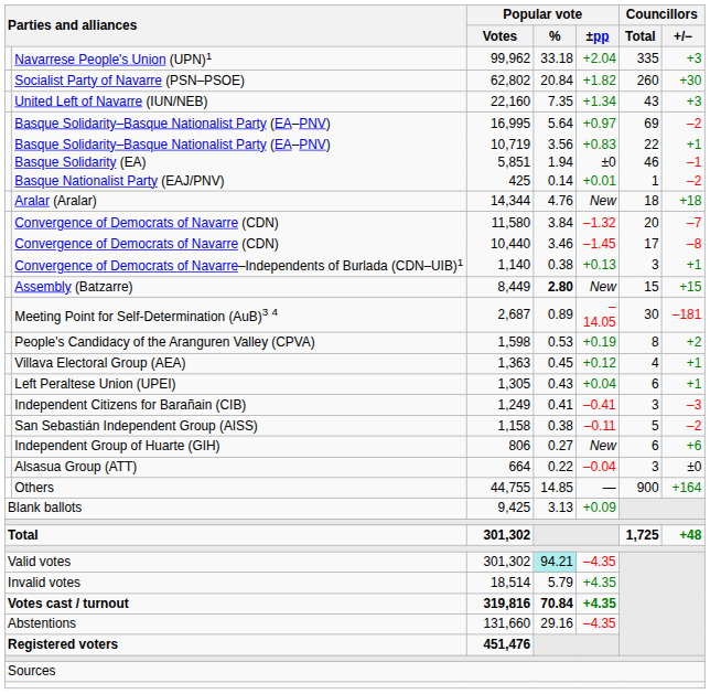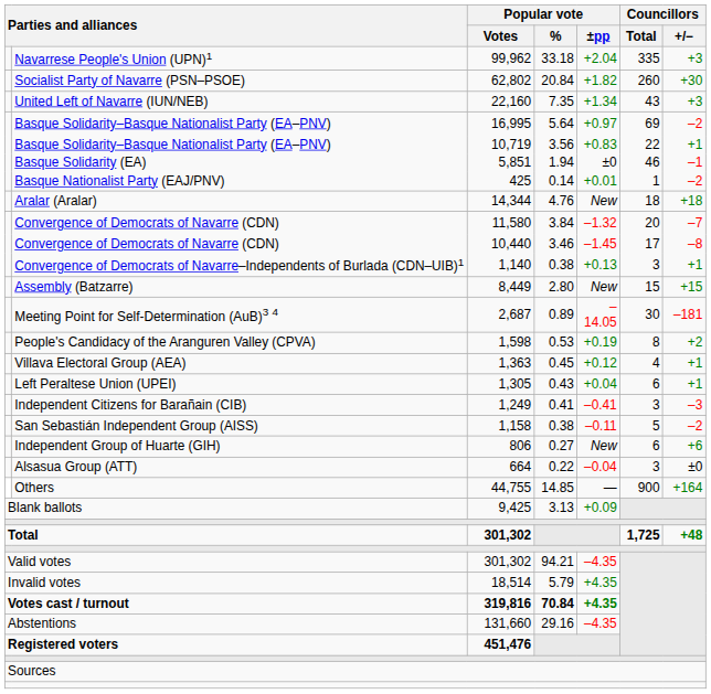 <table class="wikitable" style="text-align:right;">
 <tr>
 <th style="text-align:left;" rowspan="2" colspan="2" width="525">Parties and alliances</th>
 <th colspan="3">Popular vote</th>
 <th colspan="2">Councillors</th>
 </tr>
 <tr>
 <th width="75">Votes</th>
 <th width="45">%</th>
 <th width="45">±<a href='#'>pp</a></th>
 <th width="45">Total</th>
 <th width="45">+/−</th>
 </tr>
 <tr>
 <td width="1" style="color:inherit;background:"></td>
 <td align="left"><a href='#'>Navarrese People's Union</a> (UPN)<sup>1</sup></td>
 <td>99,962</td>
 <td>33.18</td>
 <td style="color:green;">+2.04</td>
 <td>335</td>
 <td style="color:green;">+3</td>
 </tr>
 <tr>
 <td style="color:inherit;background:"></td>
 <td align="left"><a href='#'>Socialist Party of Navarre</a> (PSN–PSOE)</td>
 <td>62,802</td>
 <td>20.84</td>
 <td style="color:green;">+1.82</td>
 <td>260</td>
 <td style="color:green;">+30</td>
 </tr>
 <tr>
 <td style="color:inherit;background:"></td>
 <td align="left"><a href='#'>United Left of Navarre</a> (IUN/NEB)</td>
 <td>22,160</td>
 <td>7.35</td>
 <td style="color:green;">+1.34</td>
 <td>43</td>
 <td style="color:green;">+3</td>
 </tr>
 <tr style="line-height:22px;">
 <td rowspan="4" style="color:inherit;background:"></td>
 <td align="left"><a href='#'>Basque Solidarity–Basque Nationalist Party</a> (<a href='#'>EA</a>–<a href='#'>PNV</a>)</td>
 <td>16,995</td>
 <td>5.64</td>
 <td style="color:green;">+0.97</td>
 <td>69</td>
 <td style="color:red;">–2</td>
 </tr>
 <tr style="border-bottom-style:hidden; border-top-style:hidden; line-height:16px;">
 <td align="left"><span><a href='#'>Basque Solidarity–Basque Nationalist Party</a> (<a href='#'>EA</a>–<a href='#'>PNV</a>)</span></td>
 <td>10,719</td>
 <td>3.56</td>
 <td style="color:green;">+0.83</td>
 <td>22</td>
 <td style="color:green;">+1</td>
 </tr>
 <tr style="border-bottom-style:hidden; line-height:16px;">
 <td align="left"><span><a href='#'>Basque Solidarity</a> (EA)</span></td>
 <td>5,851</td>
 <td>1.94</td>
 <td>±0</td>
 <td>46</td>
 <td style="color:red;">–1</td>
 </tr>
 <tr style="line-height:16px;">
 <td align="left"><span><a href='#'>Basque Nationalist Party</a> (EAJ/PNV)</span></td>
 <td>425</td>
 <td>0.14</td>
 <td style="color:green;">+0.01</td>
 <td>1</td>
 <td style="color:red;">–2</td>
 </tr>
 <tr>
 <td style="color:inherit;background:"></td>
 <td align="left"><a href='#'>Aralar</a> (Aralar)</td>
 <td>14,344</td>
 <td>4.76</td>
 <td><em>New</em></td>
 <td>18</td>
 <td style="color:green;">+18</td>
 </tr>
 <tr style="line-height:22px;">
 <td rowspan="3" style="color:inherit;background:"></td>
 <td align="left"><a href='#'>Convergence of Democrats of Navarre</a> (CDN)</td>
 <td>11,580</td>
 <td>3.84</td>
 <td style="color:red;">–1.32</td>
 <td>20</td>
 <td style="color:red;">–7</td>
 </tr>
 <tr style="border-bottom-style:hidden; border-top-style:hidden; line-height:16px;">
 <td align="left"><span><a href='#'>Convergence of Democrats of Navarre</a> (CDN)</span></td>
 <td>10,440</td>
 <td>3.46</td>
 <td style="color:red;">–1.45</td>
 <td>17</td>
 <td style="color:red;">–8</td>
 </tr>
 <tr style="line-height:16px;">
 <td align="left"><span><a href='#'>Convergence of Democrats of Navarre</a>–Independents of Burlada (CDN–UIB)<sup>1</sup></span></td>
 <td>1,140</td>
 <td>0.38</td>
 <td style="color:green;">+0.13</td>
 <td>3</td>
 <td style="color:green;">+1</td>
 </tr>
 <tr>
 <td style="color:inherit;background:"></td>
 <td align="left"><a href='#'>Assembly</a> (Batzarre)</td>
 <td>8,449</td>
-<td><strong>2.80</strong></td>
+<td>2.80</td>
 <td><em>New</em></td>
 <td>15</td>
 <td style="color:green;">+15</td>
 </tr>
 <tr>
 <td style="color:inherit;background:"></td>
 <td align="left">Meeting Point for Self-Determination (AuB)<sup>3</sup> <sup>4</sup></td>
 <td>2,687</td>
 <td>0.89</td>
 <td style="color:red;">–14.05</td>
 <td>30</td>
 <td style="color:red;">–181</td>
 </tr>
 <tr>
 <td style="color:inherit;background:"></td>
 <td align="left">People's Candidacy of the Aranguren Valley (CPVA)</td>
 <td>1,598</td>
 <td>0.53</td>
 <td style="color:green;">+0.19</td>
 <td>8</td>
 <td style="color:green;">+2</td>
 </tr>
 <tr>
 <td style="color:inherit;background:"></td>
 <td align="left">Villava Electoral Group (AEA)</td>
 <td>1,363</td>
 <td>0.45</td>
 <td style="color:green;">+0.12</td>
 <td>4</td>
 <td style="color:green;">+1</td>
 </tr>
 <tr>
 <td style="color:inherit;background:"></td>
 <td align="left">Left Peraltese Union (UPEI)</td>
 <td>1,305</td>
 <td>0.43</td>
 <td style="color:green;">+0.04</td>
 <td>6</td>
 <td style="color:green;">+1</td>
 </tr>
 <tr>
 <td style="color:inherit;background:"></td>
 <td align="left">Independent Citizens for Barañain (CIB)</td>
 <td>1,249</td>
 <td>0.41</td>
 <td style="color:red;">–0.41</td>
 <td>3</td>
 <td style="color:red;">–3</td>
 </tr>
 <tr>
 <td style="color:inherit;background:"></td>
 <td align="left">San Sebastián Independent Group (AISS)</td>
 <td>1,158</td>
 <td>0.38</td>
 <td style="color:red;">–0.11</td>
 <td>5</td>
 <td style="color:red;">–2</td>
 </tr>
 <tr>
 <td style="color:inherit;background:"></td>
 <td align="left">Independent Group of Huarte (GIH)</td>
 <td>806</td>
 <td>0.27</td>
 <td><em>New</em></td>
 <td>6</td>
 <td style="color:green;">+6</td>
 </tr>
 <tr>
 <td style="color:inherit;background:"></td>
 <td align="left">Alsasua Group (ATT)</td>
 <td>664</td>
 <td>0.22</td>
 <td style="color:red;">–0.04</td>
 <td>3</td>
 <td>±0</td>
 </tr>
 <tr>
 <td bgcolor="white"></td>
 <td align="left">Others</td>
 <td>44,755</td>
 <td>14.85</td>
 <td>—</td>
 <td>900</td>
 <td style="color:green;">+164</td>
 </tr>
 <tr>
 <td align="left" colspan="2">Blank ballots</td>
 <td>9,425</td>
 <td>3.13</td>
 <td style="color:green;">+0.09</td>
 <td bgcolor="#E9E9E9" colspan="2"></td>
 </tr>
 <tr>
 <td colspan="7" bgcolor="#E9E9E9"></td>
 </tr>
 <tr style="font-weight:bold;">
 <td align="left" colspan="2">Total</td>
 <td>301,302</td>
 <td bgcolor="#E9E9E9" colspan="2"></td>
 <td>1,725</td>
 <td style="color:green;">+48</td>
 </tr>
 <tr>
 <td colspan="7" bgcolor="#E9E9E9"></td>
 </tr>
 <tr>
 <td align="left" colspan="2">Valid votes</td>
 <td>301,302</td>
-<td style="background: paleturquoise;">94.21</td>
+<td>94.21</td>
 <td style="color:red;">–4.35</td>
 <td bgcolor="#E9E9E9" colspan="2" rowspan="5"></td>
 </tr>
 <tr>
 <td align="left" colspan="2">Invalid votes</td>
 <td>18,514</td>
 <td>5.79</td>
 <td style="color:green;">+4.35</td>
 </tr>
 <tr style="font-weight:bold;">
 <td align="left" colspan="2">Votes cast / turnout</td>
 <td>319,816</td>
 <td>70.84</td>
 <td style="color:green;">+4.35</td>
 </tr>
 <tr>
 <td align="left" colspan="2">Abstentions</td>
 <td>131,660</td>
 <td>29.16</td>
 <td style="color:red;">–4.35</td>
 </tr>
 <tr style="font-weight:bold;">
 <td align="left" colspan="2">Registered voters</td>
 <td>451,476</td>
 <td bgcolor="#E9E9E9" colspan="2"></td>
 </tr>
 <tr>
 <td colspan="7" bgcolor="#E9E9E9"></td>
 </tr>
 <tr>
 <td align="left" colspan="7">Sources</td>
 </tr>
 <tr>
 <td colspan="7" style="text-align:left; max-width:790px;"></td>
 </tr>
 </table>
